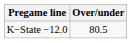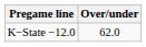 <table class="wikitable" style="margin-left: auto; margin-right: auto; border: none; display: inline-table;">
 <tr align="center">
 <th style=>Pregame line</th>
 <th style=>Over/under</th>
 </tr>
 <tr align="center">
 <td>K−State −12.0</td>
-<td>80.5</td>
+<td>62.0</td>
 </tr>
 </table>
